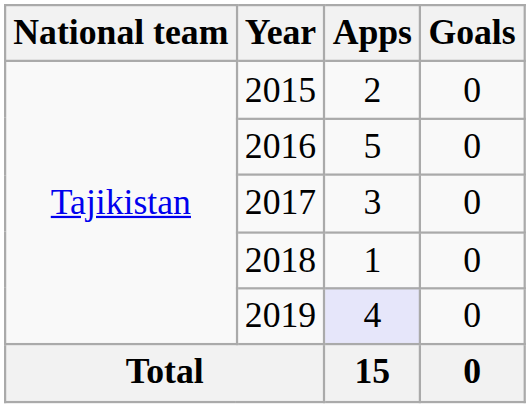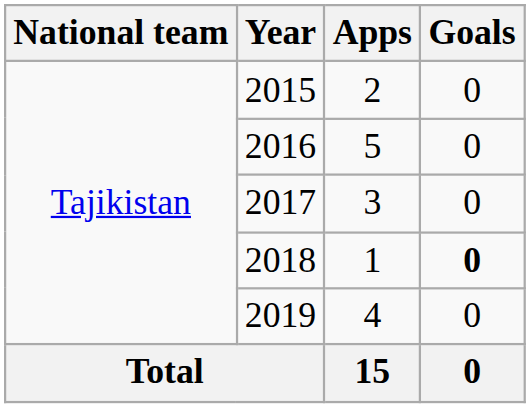 <table class="wikitable" style="text-align:center">
 <tr>
 <th>National team</th>
 <th>Year</th>
 <th>Apps</th>
 <th>Goals</th>
 </tr>
 <tr>
 <td rowspan="5"><a href='#'>Tajikistan</a></td>
 <td>2015</td>
 <td>2</td>
 <td>0</td>
 </tr>
 <tr>
 <td>2016</td>
 <td>5</td>
 <td>0</td>
 </tr>
 <tr>
 <td>2017</td>
 <td>3</td>
 <td>0</td>
 </tr>
 <tr>
 <td>2018</td>
 <td>1</td>
-<td>0</td>
+<td><strong>0</strong></td>
 </tr>
 <tr>
 <td>2019</td>
-<td style="background: lavender;">4</td>
+<td>4</td>
 <td>0</td>
 </tr>
 <tr>
 <th colspan="2">Total</th>
 <th>15</th>
 <th>0</th>
 </tr>
 </table>
